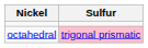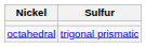 <table class="wikitable" style="text-align:center;">
 <tr>
 <th>Nickel</th>
 <th>Sulfur</th>
 </tr>
 <tr>
 <td></td>
 <td></td>
 </tr>
 <tr>
 <td><a href='#'>octahedral</a></td>
-<td style="background: pink;"><a href='#'>trigonal prismatic</a></td>
+<td><a href='#'>trigonal prismatic</a></td>
 </tr>
 </table>
